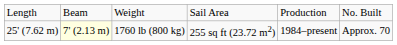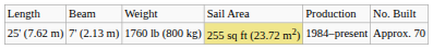 <table class="wikitable">
 <tr>
 <td>Length</td>
 <td>Beam</td>
 <td>Weight</td>
 <td>Sail Area</td>
 <td>Production</td>
 <td>No. Built</td>
 </tr>
 <tr>
 <td>25' (7.62 m)</td>
-<td style="background: lightyellow;">7' (2.13 m)</td>
+<td>7' (2.13 m)</td>
 <td>1760 lb (800 kg)</td>
-<td>255 sq ft (23.72 m<sup>2</sup>)</td>
+<td style="background: khaki;">255 sq ft (23.72 m<sup>2</sup>)</td>
 <td>1984–present</td>
 <td>Approx. 70</td>
 </tr>
 </table>
